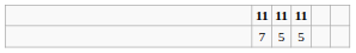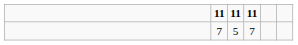 <table class="wikitable">
 <tr>
 <td style="width:18em"></td>
 <td align=center style="width:1em"><strong>11</strong></td>
 <td align=center style="width:1em"><strong>11</strong></td>
 <td align=center style="width:1em"><strong>11</strong></td>
 <td align=center style="width:1em"></td>
 <td align=center style="width:1em"></td>
 </tr>
 <tr>
 <td style="width:18em"></td>
 <td align=center style="width:1em">7</td>
 <td align=center style="width:1em">5</td>
-<td align=center style="width:1em">5</td>
+<td align=center style="width:1em">7</td>
 <td align=center style="width:1em"></td>
 <td align=center style="width:1em"></td>
 </tr>
 </table>
